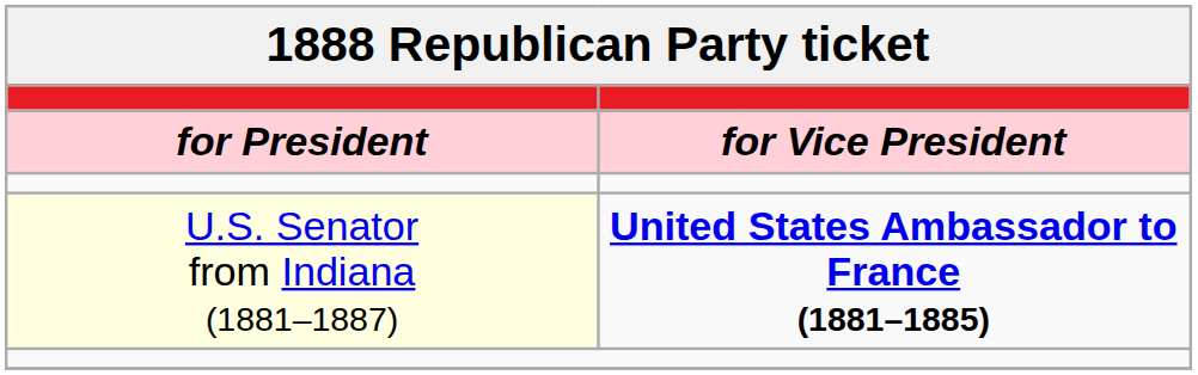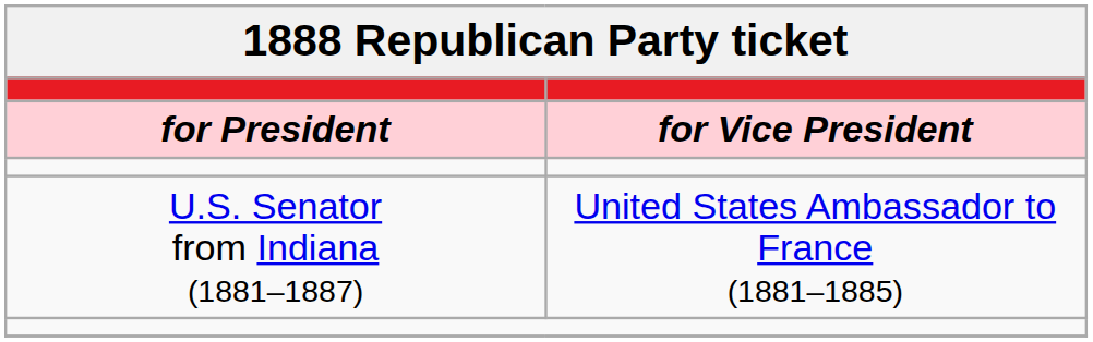 <table class="wikitable" style="font-size:90%; text-align:center;">
 <tr>
 <td style="background:#f1f1f1;" colspan="30"><big><strong>1888 Republican Party ticket</strong></big></td>
 </tr>
 <tr>
 <th style="width:3em; font-size:135%; background:#E81B23; width:200px;"><a href='#'></a></th>
 <th style="width:3em; font-size:135%; background:#E81B23; width:200px;"><a href='#'></a></th>
 </tr>
 <tr style="color:#000; font-size:100%; background:#FFD0D7;">
 <td style="width:3em; width:200px;"><strong><em>for President</em></strong></td>
 <td style="width:3em; width:200px;"><strong><em>for Vice President</em></strong></td>
 </tr>
 <tr>
 <td></td>
 <td></td>
 </tr>
 <tr>
-<td style="background: lightyellow;"><a href='#'>U.S. Senator</a><br>from <a href='#'>Indiana</a><br><small>(1881–1887)</small></td>
-<td><strong><a href='#'>United States Ambassador to France</a><br><small>(1881–1885)</small></strong></td>
+<td><a href='#'>U.S. Senator</a><br>from <a href='#'>Indiana</a><br><small>(1881–1887)</small></td>
+<td><a href='#'>United States Ambassador to France</a><br><small>(1881–1885)</small></td>
 </tr>
 <tr>
 <td colspan=2></td>
 </tr>
 <tr>
 </tr>
 </table>
